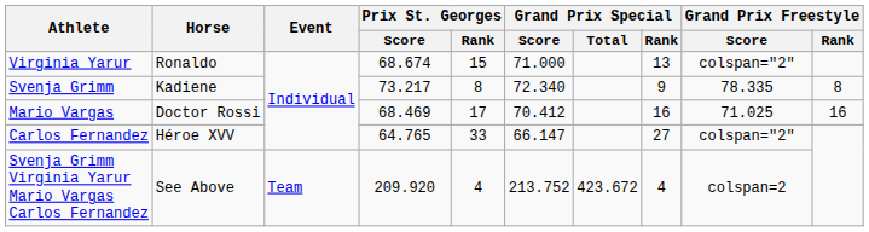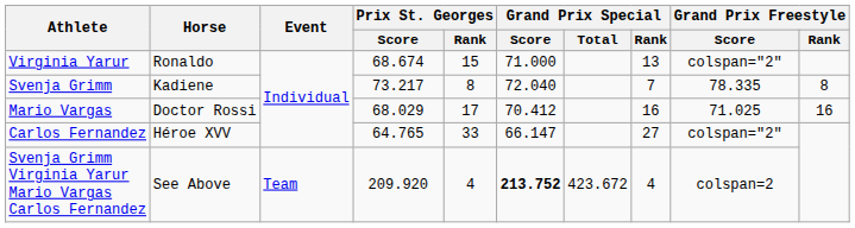 <table class=wikitable style=font-size:90%;text-align:center>
 <tr>
 <th rowspan=2>Athlete</th>
 <th rowspan=2>Horse</th>
 <th rowspan=2>Event</th>
 <th colspan=2>Prix St. Georges</th>
 <th colspan=3>Grand Prix Special</th>
 <th colspan=4>Grand Prix Freestyle</th>
 </tr>
 <tr style=font-size:95%>
 <th>Score</th>
 <th>Rank</th>
 <th>Score</th>
 <th>Total</th>
 <th>Rank</th>
 <th>Score</th>
 <th>Rank</th>
 </tr>
 <tr>
 <td style="text-align:left"><a href='#'>Virginia Yarur</a></td>
 <td style="text-align:left">Ronaldo</td>
 <td style="text-align:left" rowspan=4><a href='#'>Individual</a></td>
 <td>68.674</td>
 <td>15</td>
 <td>71.000</td>
 <td></td>
 <td>13</td>
 <td>colspan="2" </td>
 </tr>
 <tr>
 <td style="text-align:left"><a href='#'>Svenja Grimm</a></td>
 <td style="text-align:left">Kadiene</td>
 <td>73.217</td>
 <td>8</td>
-<td>72.340</td>
+<td>72.040</td>
 <td></td>
-<td>9</td>
+<td>7</td>
 <td>78.335</td>
 <td>8</td>
 </tr>
 <tr>
 <td style="text-align:left"><a href='#'>Mario Vargas</a></td>
 <td style="text-align:left">Doctor Rossi</td>
-<td>68.469</td>
+<td>68.029</td>
 <td>17</td>
 <td>70.412</td>
 <td></td>
 <td>16</td>
 <td>71.025</td>
 <td>16</td>
 </tr>
 <tr>
 <td style="text-align:left"><a href='#'>Carlos Fernandez</a></td>
 <td style="text-align:left">Héroe XVV</td>
 <td>64.765</td>
 <td>33</td>
 <td>66.147</td>
 <td></td>
 <td>27</td>
 <td>colspan="2" </td>
 </tr>
 <tr>
 <td style="text-align:left"><a href='#'>Svenja Grimm</a><br><a href='#'>Virginia Yarur</a><br><a href='#'>Mario Vargas</a><br><a href='#'>Carlos Fernandez</a></td>
 <td style="text-align:left">See Above</td>
 <td style="text-align:left"><a href='#'>Team</a></td>
 <td>209.920</td>
 <td>4</td>
-<td>213.752</td>
+<td><strong>213.752</strong></td>
 <td>423.672</td>
 <td>4</td>
 <td>colspan=2 </td>
 </tr>
 </table>
